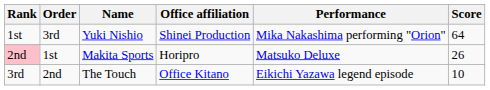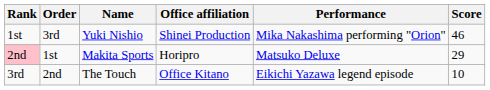 <table class="wikitable">
 <tr>
 <th>Rank</th>
 <th>Order</th>
 <th>Name</th>
 <th>Office affiliation</th>
 <th>Performance</th>
 <th>Score</th>
 </tr>
 <tr>
 <td>1st</td>
 <td>3rd</td>
 <td><a href='#'>Yuki Nishio</a></td>
 <td><a href='#'>Shinei Production</a></td>
 <td><a href='#'>Mika Nakashima</a> performing "<a href='#'>Orion</a>"</td>
-<td>64</td>
+<td>46</td>
 </tr>
 <tr>
 <td style="background: pink;">2nd</td>
 <td>1st</td>
 <td><a href='#'>Makita Sports</a></td>
 <td>Horipro</td>
 <td><a href='#'>Matsuko Deluxe</a></td>
-<td>26</td>
+<td>29</td>
 </tr>
 <tr>
 <td>3rd</td>
 <td>2nd</td>
 <td>The Touch</td>
 <td><a href='#'>Office Kitano</a></td>
 <td><a href='#'>Eikichi Yazawa</a> legend episode</td>
 <td>10</td>
 </tr>
 </table>
